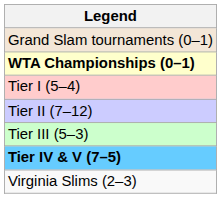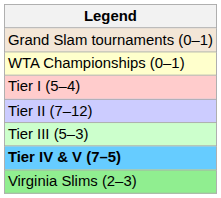 <table class="wikitable sortable mw-collapsible mw-collapsed">
 <tr>
 <th>Legend</th>
 </tr>
 <tr>
 <td bgcolor="#f3e6d7">Grand Slam tournaments (0–1)</td>
 </tr>
 <tr>
-<td bgcolor="#ffffcc"><strong>WTA Championships (0–1)</strong></td>
+<td bgcolor="#ffffcc">WTA Championships (0–1)</td>
 </tr>
 <tr>
 <td bgcolor="#ffcccc">Tier I (5–4)</td>
 </tr>
 <tr>
 <td bgcolor="#ccccff">Tier II (7–12)</td>
 </tr>
 <tr>
 <td bgcolor="#CCFFCC">Tier III (5–3)</td>
 </tr>
 <tr>
 <td bgcolor="#66CCFF"><strong>Tier IV & V (7–5)</strong></td>
 </tr>
 <tr>
-<td>Virginia Slims (2–3)</td>
+<td style="background: lightgreen;">Virginia Slims (2–3)</td>
 </tr>
 </table>
